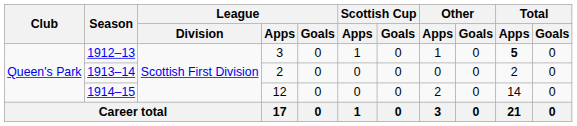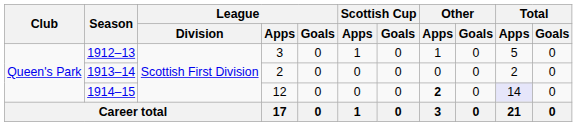 <table class="wikitable" style="text-align: center;">
 <tr>
 <th rowspan="2">Club</th>
 <th rowspan="2">Season</th>
 <th colspan="3">League</th>
 <th colspan="2">Scottish Cup</th>
 <th colspan="2">Other</th>
 <th colspan="2">Total</th>
 </tr>
 <tr>
 <th>Division</th>
 <th>Apps</th>
 <th>Goals</th>
 <th>Apps</th>
 <th>Goals</th>
 <th>Apps</th>
 <th>Goals</th>
 <th>Apps</th>
 <th>Goals</th>
 </tr>
 <tr>
 <td rowspan="3"><a href='#'>Queen's Park</a></td>
 <td><a href='#'>1912–13</a></td>
 <td rowspan="3"><a href='#'>Scottish First Division</a></td>
 <td>3</td>
 <td>0</td>
 <td>1</td>
 <td>0</td>
 <td>1</td>
 <td>0</td>
-<td><strong>5</strong></td>
+<td>5</td>
 <td>0</td>
 </tr>
 <tr>
 <td><a href='#'>1913–14</a></td>
 <td>2</td>
 <td>0</td>
 <td>0</td>
 <td>0</td>
 <td>0</td>
 <td>0</td>
 <td>2</td>
 <td>0</td>
 </tr>
 <tr>
 <td><a href='#'>1914–15</a></td>
 <td>12</td>
 <td>0</td>
 <td>0</td>
 <td>0</td>
-<td>2</td>
+<td><strong>2</strong></td>
 <td>0</td>
-<td>14</td>
+<td style="background: lavender;">14</td>
 <td>0</td>
 </tr>
 <tr>
 <th colspan="3">Career total</th>
 <th>17</th>
 <th>0</th>
 <th>1</th>
 <th>0</th>
 <th>3</th>
 <th>0</th>
 <th>21</th>
 <th>0</th>
 </tr>
 </table>
